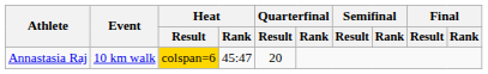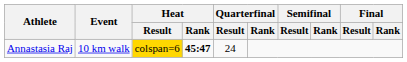 <table class="wikitable" style="font-size:90%">
 <tr>
 <th rowspan="2">Athlete</th>
 <th rowspan="2">Event</th>
 <th colspan="2">Heat</th>
 <th colspan="2">Quarterfinal</th>
 <th colspan="2">Semifinal</th>
 <th colspan="2">Final</th>
 </tr>
 <tr style="font-size:95%">
 <th>Result</th>
 <th>Rank</th>
 <th>Result</th>
 <th>Rank</th>
 <th>Result</th>
 <th>Rank</th>
 <th>Result</th>
 <th>Rank</th>
 </tr>
 <tr align=center>
 <td align=left><a href='#'>Annastasia Raj</a></td>
 <td align=left><a href='#'>10 km walk</a></td>
 <td style="background: gold;">colspan=6 </td>
-<td>45:47</td>
-<td>20</td>
+<td><strong>45:47</strong></td>
+<td>24</td>
 </tr>
 </table>
